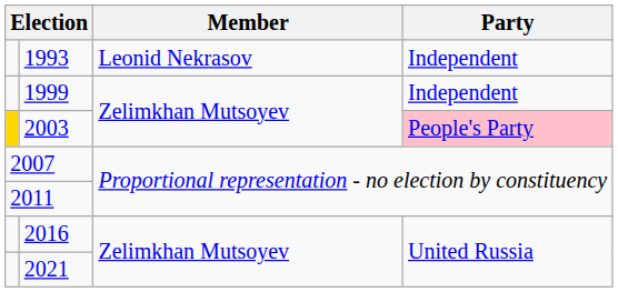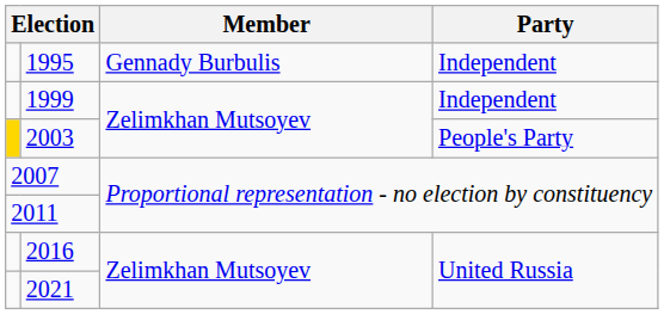 <table class="wikitable">
 <tr>
 <th colspan="2">Election</th>
 <th>Member</th>
 <th>Party</th>
 </tr>
 <tr>
 <td style="background-color:"></td>
-<td><a href='#'>1993</a></td>
-<td><a href='#'>Leonid Nekrasov</a></td>
+<td><a href='#'>1995</a></td>
+<td><a href='#'>Gennady Burbulis</a></td>
 <td><a href='#'>Independent</a></td>
 </tr>
 <tr>
 <td style="background-color:"></td>
 <td><a href='#'>1999</a></td>
 <td rowspan=2><a href='#'>Zelimkhan Mutsoyev</a></td>
 <td><a href='#'>Independent</a></td>
 </tr>
 <tr>
 <td style="background-color:#FFD700"></td>
 <td><a href='#'>2003</a></td>
-<td style="background: pink;"><a href='#'>People's Party</a></td>
+<td><a href='#'>People's Party</a></td>
 </tr>
 <tr>
 <td colspan=2><a href='#'>2007</a></td>
 <td colspan=2 rowspan=2><em><a href='#'>Proportional representation</a> - no election by constituency</em></td>
 </tr>
 <tr>
 <td colspan=2><a href='#'>2011</a></td>
 </tr>
 <tr>
 <td style="background-color: "></td>
 <td><a href='#'>2016</a></td>
 <td rowspan=2><a href='#'>Zelimkhan Mutsoyev</a></td>
 <td rowspan=2><a href='#'>United Russia</a></td>
 </tr>
 <tr>
 <td style="background-color: "></td>
 <td><a href='#'>2021</a></td>
 </tr>
 </table>
